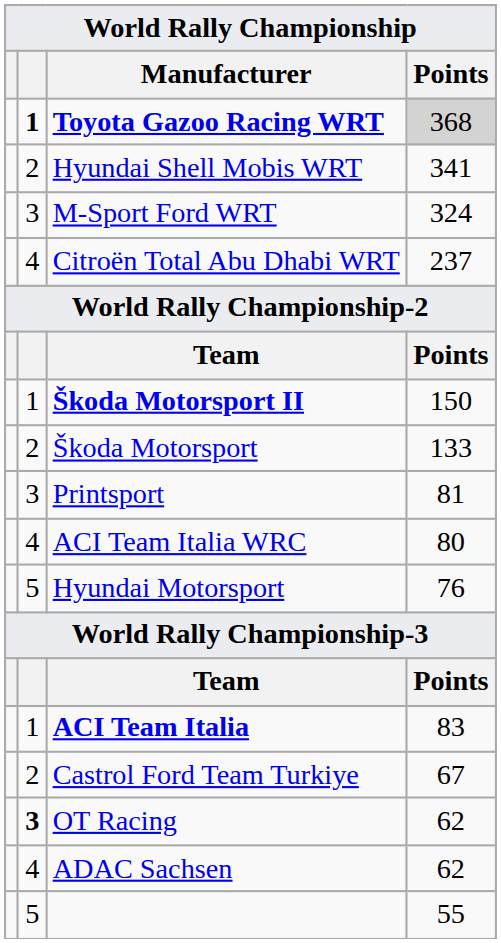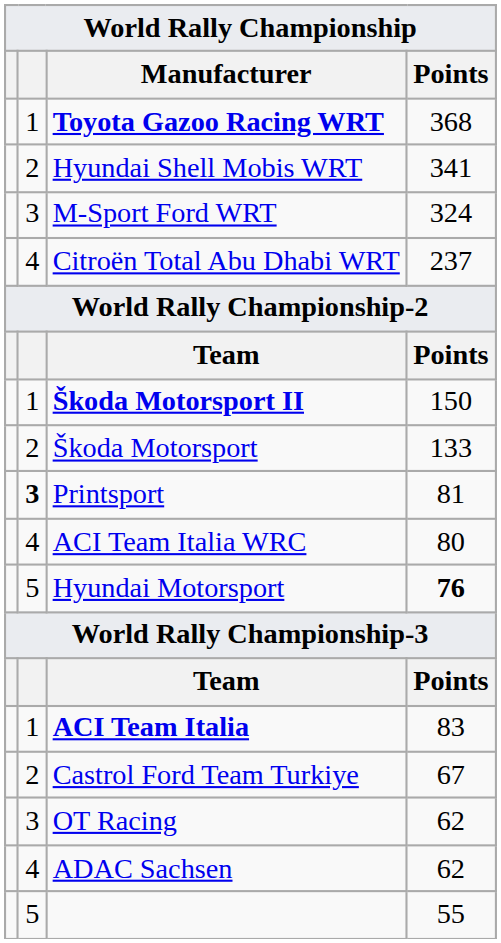 <table class="wikitable" style="font-size: 85%;">
 <tr>
 <td style="background-color:#EAECF0; text-align:center" colspan="4"><strong>World Rally Championship</strong></td>
 </tr>
 <tr>
 <th></th>
 <th align="center"></th>
 <th align="center">Manufacturer</th>
 <th align="center">Points</th>
 </tr>
 <tr>
 <td align="left"></td>
-<td align="center"><strong>1</strong></td>
+<td align="center">1</td>
 <td><strong> <a href='#'>Toyota Gazoo Racing WRT</a></strong></td>
-<td align="center" style="background: lightgrey;">368</td>
+<td align="center">368</td>
 </tr>
 <tr>
 <td align="left"></td>
 <td align="center">2</td>
 <td> <a href='#'>Hyundai Shell Mobis WRT</a></td>
 <td align="center">341</td>
 </tr>
 <tr>
 <td align="left"></td>
 <td align="center">3</td>
 <td> <a href='#'>M-Sport Ford WRT</a></td>
 <td align="center">324</td>
 </tr>
 <tr>
 <td align="left"></td>
 <td align="center">4</td>
 <td> <a href='#'>Citroën Total Abu Dhabi WRT</a></td>
 <td align="center">237</td>
 </tr>
 <tr>
 <td style="background-color:#EAECF0; text-align:center" colspan="4"><strong>World Rally Championship-2</strong></td>
 </tr>
 <tr>
 <th></th>
 <th align="center"></th>
 <th align="center">Team</th>
 <th align="center">Points</th>
 </tr>
 <tr>
 <td align="left"></td>
 <td align="center">1</td>
 <td><strong> <a href='#'>Škoda Motorsport II</a></strong></td>
 <td align="center">150</td>
 </tr>
 <tr>
 <td align="left"></td>
 <td align="center">2</td>
 <td> <a href='#'>Škoda Motorsport</a></td>
 <td align="center">133</td>
 </tr>
 <tr>
 <td align="left"></td>
-<td align="center">3</td>
+<td align="center"><strong>3</strong></td>
 <td> <a href='#'>Printsport</a></td>
 <td align="center">81</td>
 </tr>
 <tr>
 <td align="left"></td>
 <td align="center">4</td>
 <td> <a href='#'>ACI Team Italia WRC</a></td>
 <td align="center">80</td>
 </tr>
 <tr>
 <td align="left"></td>
 <td align="center">5</td>
 <td> <a href='#'>Hyundai Motorsport</a></td>
-<td align="center">76</td>
+<td align="center"><strong>76</strong></td>
 </tr>
 <tr>
 <td style="background-color:#EAECF0; text-align:center" colspan="4"><strong>World Rally Championship-3</strong></td>
 </tr>
 <tr>
 <th></th>
 <th align="center"></th>
 <th align="center">Team</th>
 <th align="center">Points</th>
 </tr>
 <tr>
 <td align="left"></td>
 <td align="center">1</td>
 <td><strong> <a href='#'>ACI Team Italia</a></strong></td>
 <td align="center">83</td>
 </tr>
 <tr>
 <td align="left"></td>
 <td align="center">2</td>
 <td> <a href='#'>Castrol Ford Team Turkiye</a></td>
 <td align="center">67</td>
 </tr>
 <tr>
 <td align="left"></td>
-<td align="center"><strong>3</strong></td>
+<td align="center">3</td>
 <td> <a href='#'>OT Racing</a></td>
 <td align="center">62</td>
 </tr>
 <tr>
 <td align="left"></td>
 <td align="center">4</td>
 <td> <a href='#'>ADAC Sachsen</a></td>
 <td align="center">62</td>
 </tr>
 <tr>
 <td align="left"></td>
 <td align="center">5</td>
 <td></td>
 <td align="center">55</td>
 </tr>
 </table>
